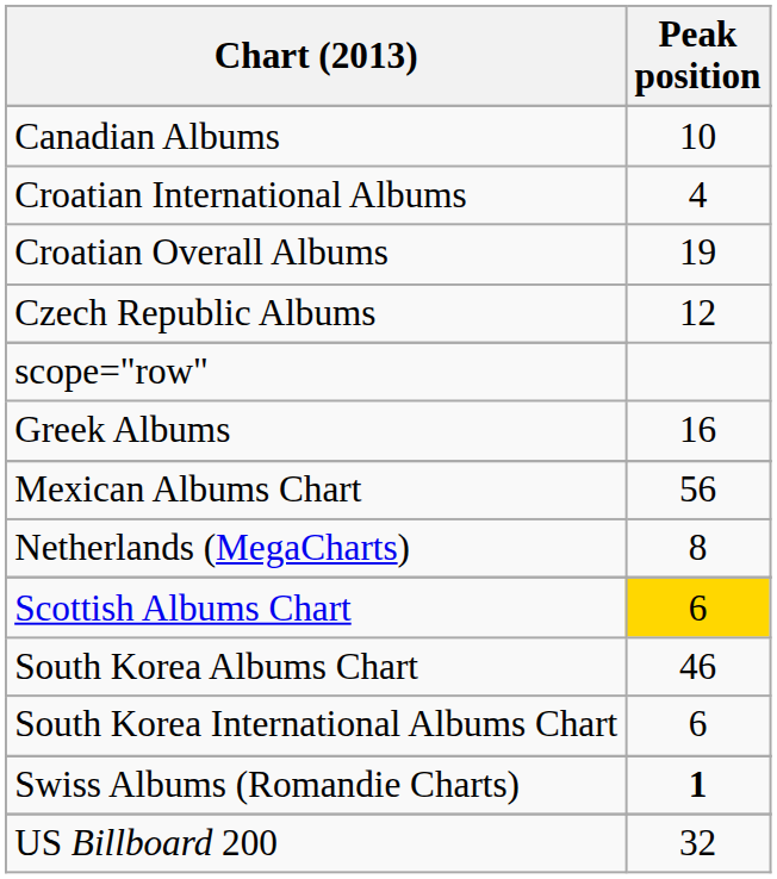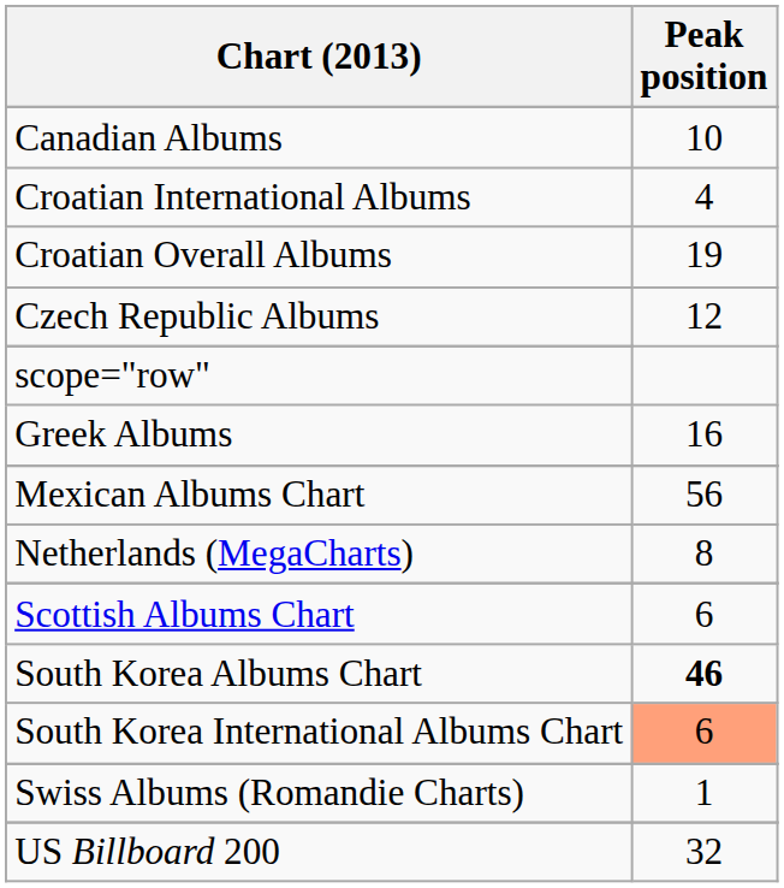 <table class="wikitable sortable">
 <tr>
 <th>Chart (2013)</th>
 <th>Peak<br>position</th>
 </tr>
 <tr>
 </tr>
 <tr>
 </tr>
 <tr>
 </tr>
 <tr>
 </tr>
 <tr>
 <td>Canadian Albums</td>
 <td style="text-align:center;">10</td>
 </tr>
 <tr>
 <td>Croatian International Albums</td>
 <td style="text-align:center;">4</td>
 </tr>
 <tr>
 <td>Croatian Overall Albums</td>
 <td style="text-align:center;">19</td>
 </tr>
 <tr>
 <td>Czech Republic Albums</td>
 <td style="text-align:center;">12</td>
 </tr>
 <tr>
 </tr>
 <tr>
 </tr>
 <tr>
 </tr>
 <tr>
 <td>scope="row"</td>
 </tr>
 <tr>
 <td>Greek Albums</td>
 <td style="text-align:center;">16</td>
 </tr>
 <tr>
 </tr>
 <tr>
 </tr>
 <tr>
 </tr>
 <tr>
 <td scope="row">Mexican Albums Chart</td>
 <td style="text-align:center;">56</td>
 </tr>
 <tr>
 <td>Netherlands (<a href='#'>MegaCharts</a>)</td>
 <td style="text-align:center;">8</td>
 </tr>
 <tr>
 </tr>
 <tr>
 </tr>
 <tr>
 </tr>
 <tr>
 <td align="left"><a href='#'>Scottish Albums Chart</a></td>
-<td style="background: gold; text-align:center;">6</td>
+<td style="text-align:center;">6</td>
 </tr>
 <tr>
 <td>South Korea Albums Chart</td>
-<td style="text-align:center;">46</td>
+<td style="text-align:center;"><strong>46</strong></td>
 </tr>
 <tr>
 <td scope="row">South Korea International Albums Chart</td>
-<td style="text-align:center;">6</td>
+<td style="background: lightsalmon; text-align:center;">6</td>
 </tr>
 <tr>
 </tr>
 <tr>
 </tr>
 <tr>
 </tr>
 <tr>
 <td scope="row">Swiss Albums (Romandie Charts)</td>
-<td style="text-align:center;"><strong>1</strong></td>
+<td style="text-align:center;">1</td>
 </tr>
 <tr>
 </tr>
 <tr>
 <td scope="row">US <em>Billboard</em> 200</td>
 <td style="text-align:center;">32</td>
 </tr>
 </table>
